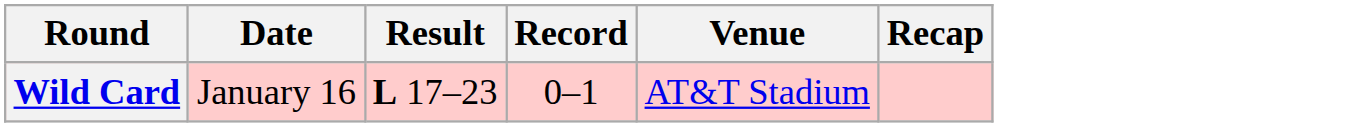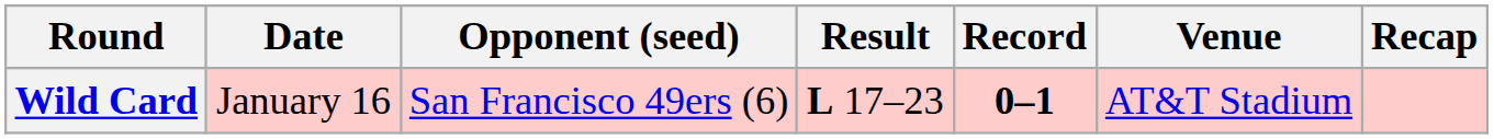 <table class="wikitable" style="text-align:center">
 <tr>
 <th>Round</th>
 <th>Date</th>
+<th>Opponent (seed)</th>
 <th>Result</th>
 <th>Record</th>
 <th>Venue</th>
 <th>Recap</th>
 </tr>
 <tr style="background:#fcc">
 <th><a href='#'>Wild Card</a></th>
 <td>January 16</td>
+<td><a href='#'>San Francisco 49ers</a> (6)</td>
 <td><strong>L</strong> 17–23</td>
-<td>0–1</td>
+<td><strong>0–1</strong></td>
 <td><a href='#'>AT&T Stadium</a></td>
 <td></td>
 </tr>
 </table>
